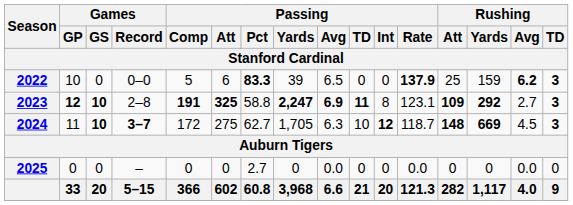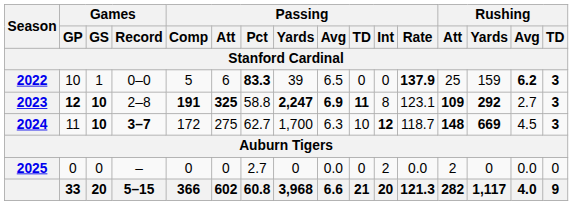 <table class="wikitable" style="text-align:center;">
 <tr>
 <th rowspan="2">Season</th>
 <th colspan="3">Games</th>
 <th colspan="8">Passing</th>
 <th colspan="5">Rushing</th>
 </tr>
 <tr>
 <th>GP</th>
 <th>GS</th>
 <th>Record</th>
 <th>Comp</th>
 <th>Att</th>
 <th>Pct</th>
 <th>Yards</th>
 <th>Avg</th>
 <th>TD</th>
 <th>Int</th>
 <th>Rate</th>
 <th>Att</th>
 <th>Yards</th>
 <th>Avg</th>
 <th>TD</th>
 </tr>
 <tr>
 <th colspan="16">Stanford Cardinal</th>
 </tr>
 <tr>
 <th><a href='#'>2022</a></th>
 <td>10</td>
-<td>0</td>
+<td>1</td>
 <td>0–0</td>
 <td>5</td>
 <td>6</td>
 <td><strong>83.3</strong></td>
 <td>39</td>
 <td>6.5</td>
 <td>0</td>
 <td>0</td>
 <td><strong>137.9</strong></td>
 <td>25</td>
 <td>159</td>
 <td><strong>6.2</strong></td>
 <td><strong>3</strong></td>
 </tr>
 <tr>
 <th><a href='#'>2023</a></th>
 <td><strong>12</strong></td>
 <td><strong>10</strong></td>
 <td>2–8</td>
 <td><strong>191</strong></td>
 <td><strong>325</strong></td>
 <td>58.8</td>
 <td><strong>2,247</strong></td>
 <td><strong>6.9</strong></td>
 <td><strong>11</strong></td>
 <td>8</td>
 <td>123.1</td>
 <td><strong>109</strong></td>
 <td><strong>292</strong></td>
 <td>2.7</td>
 <td><strong>3</strong></td>
 </tr>
 <tr>
 <th><a href='#'>2024</a></th>
 <td>11</td>
 <td><strong>10</strong></td>
 <td><strong>3–7</strong></td>
 <td>172</td>
 <td>275</td>
 <td>62.7</td>
-<td>1,705</td>
+<td>1,700</td>
 <td>6.3</td>
 <td>10</td>
 <td><strong>12</strong></td>
 <td>118.7</td>
 <td><strong>148</strong></td>
 <td><strong>669</strong></td>
 <td>4.5</td>
 <td><strong>3</strong></td>
 </tr>
 <tr>
 <th colspan="16">Auburn Tigers</th>
 </tr>
 <tr>
 <th><a href='#'>2025</a></th>
 <td>0</td>
 <td>0</td>
 <td>–</td>
 <td>0</td>
 <td>0</td>
 <td>2.7</td>
 <td>0</td>
 <td>0.0</td>
 <td>0</td>
-<td>0</td>
+<td>2</td>
 <td>0.0</td>
-<td>0</td>
+<td>2</td>
 <td>0</td>
 <td>0.0</td>
 <td>0</td>
 </tr>
 <tr>
 <th></th>
 <th>33</th>
 <th>20</th>
 <th>5–15</th>
 <th>366</th>
 <th>602</th>
 <th>60.8</th>
 <th>3,968</th>
 <th>6.6</th>
 <th>21</th>
 <th>20</th>
 <th>121.3</th>
 <th>282</th>
 <th>1,117</th>
 <th>4.0</th>
 <th>9</th>
 </tr>
 </table>
